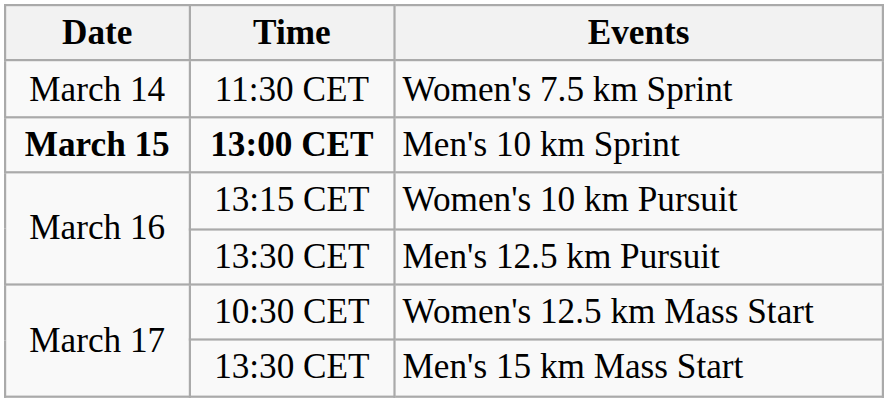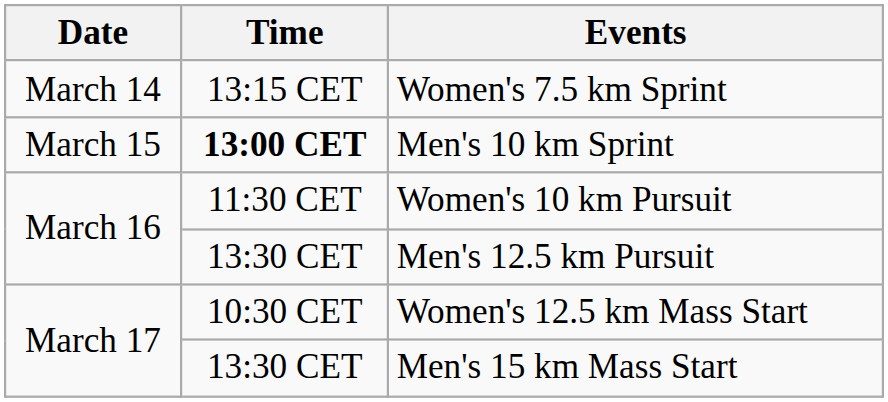 <table class="wikitable" style="text-align: center" width="400">
 <tr>
 <th>Date</th>
 <th>Time</th>
 <th>Events</th>
 </tr>
 <tr>
 <td>March 14</td>
-<td>11:30 CET</td>
+<td>13:15 CET</td>
 <td style="text-align: left">Women's 7.5 km Sprint</td>
 </tr>
 <tr>
-<td><strong>March 15</strong></td>
+<td>March 15</td>
 <td><strong>13:00 CET</strong></td>
 <td style="text-align: left">Men's 10 km Sprint</td>
 </tr>
 <tr>
 <td rowspan=2>March 16</td>
-<td>13:15 CET</td>
+<td>11:30 CET</td>
 <td style="text-align: left">Women's 10 km Pursuit</td>
 </tr>
 <tr>
 <td>13:30 CET</td>
 <td style="text-align: left">Men's 12.5 km Pursuit</td>
 </tr>
 <tr>
 <td rowspan=2>March 17</td>
 <td>10:30 CET</td>
 <td style="text-align: left">Women's 12.5 km Mass Start</td>
 </tr>
 <tr>
 <td>13:30 CET</td>
 <td style="text-align: left">Men's 15 km Mass Start</td>
 </tr>
 </table>
